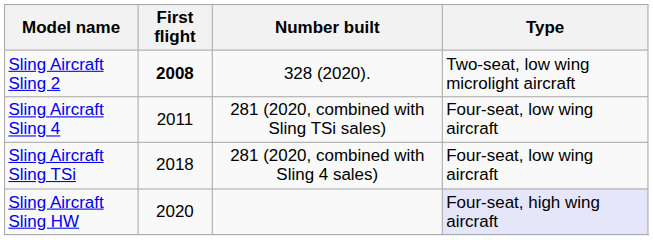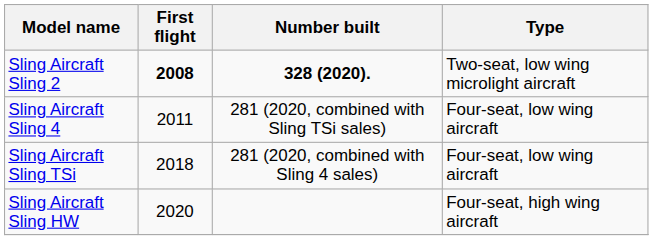 <table class="wikitable sortable">
 <tr>
 <th>Model name</th>
 <th>First flight</th>
 <th>Number built</th>
 <th>Type</th>
 </tr>
 <tr>
 <td align=left><a href='#'>Sling Aircraft Sling 2</a></td>
 <td align=center><strong>2008</strong></td>
-<td align=center>328 (2020).</td>
+<td align=center><strong>328 (2020).</strong></td>
 <td align=left>Two-seat, low wing microlight aircraft</td>
 </tr>
 <tr>
 <td align=left><a href='#'>Sling Aircraft Sling 4</a></td>
 <td align=center>2011</td>
 <td align=center>281 (2020, combined with Sling TSi sales)</td>
 <td align=left>Four-seat, low wing aircraft</td>
 </tr>
 <tr>
 <td align=left><a href='#'>Sling Aircraft Sling TSi</a></td>
 <td align=center>2018</td>
 <td align=center>281 (2020, combined with Sling 4 sales)</td>
 <td align=left>Four-seat, low wing aircraft</td>
 </tr>
 <tr>
 <td align=left><a href='#'>Sling Aircraft Sling HW</a></td>
 <td align=center>2020</td>
 <td align=center></td>
-<td align=left style="background: lavender;">Four-seat, high wing aircraft</td>
+<td align=left>Four-seat, high wing aircraft</td>
 </tr>
 <tr>
 </tr>
 </table>
